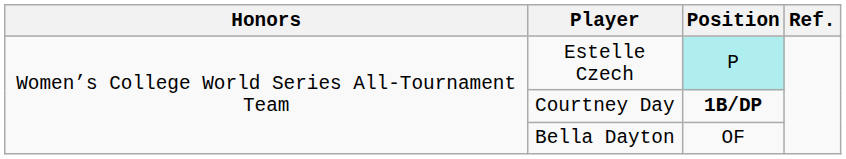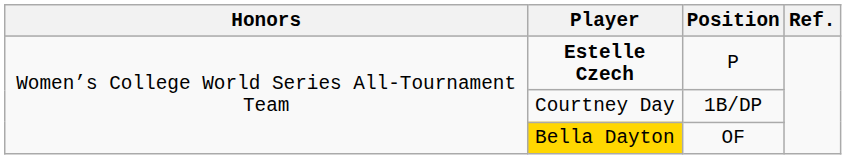 <table class="wikitable" style="width: 90%;text-align: center;">
 <tr>
 <th style=>Honors</th>
 <th style=>Player</th>
 <th style=>Position</th>
 <th style=>Ref.</th>
 </tr>
 <tr align="center">
 <td rowspan="3">Women’s College World Series All-Tournament Team</td>
-<td>Estelle Czech</td>
-<td style="background: paleturquoise;">P</td>
+<td><strong>Estelle Czech</strong></td>
+<td>P</td>
 <td rowspan="3"></td>
 </tr>
 <tr>
 <td>Courtney Day</td>
-<td><strong>1B/DP</strong></td>
+<td>1B/DP</td>
 </tr>
 <tr>
-<td>Bella Dayton</td>
+<td style="background: gold;">Bella Dayton</td>
 <td>OF</td>
 </tr>
 </table>
